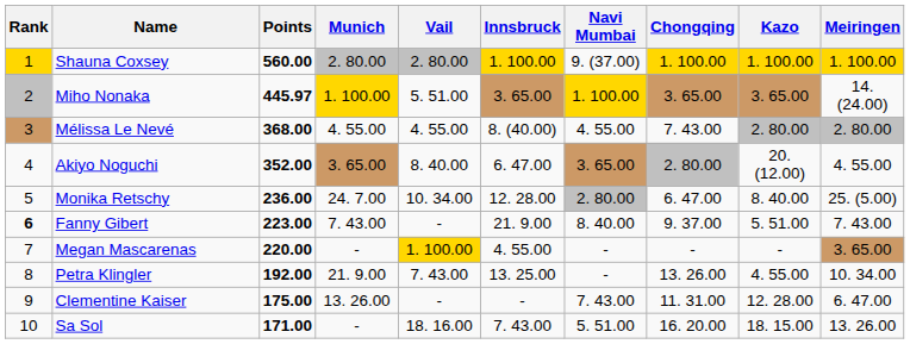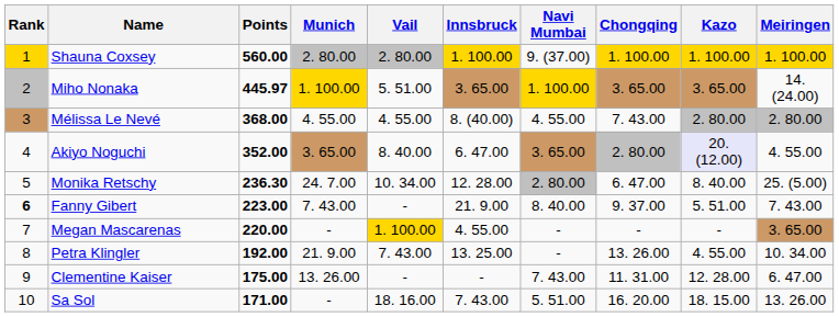 <table class="wikitable sortable">
 <tr>
 <th>Rank</th>
 <th width = "200">Name</th>
 <th>Points</th>
 <th width = "75" data-sort-type="number"><a href='#'>Munich</a></th>
 <th width = "75" data-sort-type="number"><a href='#'>Vail</a></th>
 <th width = "75" data-sort-type="number"><a href='#'>Innsbruck</a></th>
 <th width = "75" data-sort-type="number"><a href='#'>Navi Mumbai</a></th>
 <th width = "75" data-sort-type="number"><a href='#'>Chongqing</a></th>
 <th width = "75" data-sort-type="number"><a href='#'>Kazo</a></th>
 <th width = "75" data-sort-type="number"><a href='#'>Meiringen</a></th>
 </tr>
 <tr>
 <td align="center" style="background: gold">1</td>
 <td> <a href='#'>Shauna Coxsey</a></td>
 <td align="center"><strong>560.00	</strong></td>
 <td align="center" style="background: silver">2. 80.00</td>
 <td align="center" style="background: silver">2. 80.00</td>
 <td align="center" style="background: gold">1. 100.00</td>
 <td align="center">9. (37.00)</td>
 <td align="center" style="background: gold">1. 100.00</td>
 <td align="center" style="background: gold">1. 100.00</td>
 <td align="center" style="background: gold">1. 100.00</td>
 </tr>
 <tr>
 <td align="center" style="background: silver">2</td>
 <td> <a href='#'>Miho Nonaka</a></td>
 <td align="center"><strong>445.97	</strong></td>
 <td align="center" style="background: gold">1. 100.00</td>
 <td align="center">5. 51.00</td>
 <td align="center" style="background: #cc9966">3. 65.00</td>
 <td align="center" style="background: gold">1. 100.00</td>
 <td align="center" style="background: #cc9966">3. 65.00</td>
 <td align="center" style="background: #cc9966">3. 65.00</td>
 <td align="center">14. (24.00)</td>
 </tr>
 <tr>
 <td align="center" style="background: #cc9966">3</td>
 <td> <a href='#'>Mélissa Le Nevé</a></td>
 <td align="center"><strong>368.00		</strong></td>
 <td align="center">4. 55.00</td>
 <td align="center">4. 55.00</td>
 <td align="center">8. (40.00)</td>
 <td align="center">4. 55.00</td>
 <td align="center">7. 43.00</td>
 <td align="center" style="background: silver">2. 80.00</td>
 <td align="center" style="background: silver">2. 80.00</td>
 </tr>
 <tr>
 <td align="center">4</td>
 <td> <a href='#'>Akiyo Noguchi</a></td>
 <td align="center"><strong>352.00			</strong></td>
 <td align="center" style="background: #cc9966">3. 65.00</td>
 <td align="center">8. 40.00</td>
 <td align="center">6. 47.00</td>
 <td align="center" style="background: #cc9966">3. 65.00</td>
 <td align="center" style="background: silver">2. 80.00</td>
-<td align="center">20. (12.00)</td>
+<td align="center" style="background: lavender;">20. (12.00)</td>
 <td align="center">4. 55.00</td>
 </tr>
 <tr>
 <td align="center">5</td>
 <td> <a href='#'>Monika Retschy</a></td>
-<td align="center"><strong>236.00	</strong></td>
+<td align="center"><strong>236.30	</strong></td>
 <td align="center">24. 7.00</td>
 <td align="center">10. 34.00</td>
 <td align="center">12. 28.00</td>
 <td align="center" style="background: silver">2. 80.00</td>
 <td align="center">6. 47.00</td>
 <td align="center">8. 40.00</td>
 <td align="center">25. (5.00)</td>
 </tr>
 <tr>
 <td align="center"><strong>6</strong></td>
 <td> <a href='#'>Fanny Gibert</a></td>
 <td align="center"><strong>223.00	</strong></td>
 <td align="center">7. 43.00</td>
 <td align="center">-</td>
 <td align="center">21. 9.00</td>
 <td align="center">8. 40.00</td>
 <td align="center">9. 37.00</td>
 <td align="center">5. 51.00</td>
 <td align="center">7. 43.00</td>
 </tr>
 <tr>
 <td align="center">7</td>
 <td> <a href='#'>Megan Mascarenas</a></td>
 <td align="center"><strong>220.00	</strong></td>
 <td align="center">-</td>
 <td align="center" style="background: gold">1. 100.00</td>
 <td align="center">4. 55.00</td>
 <td align="center">-</td>
 <td align="center">-</td>
 <td align="center">-</td>
 <td align="center" style="background: #cc9966">3. 65.00</td>
 </tr>
 <tr>
 <td align="center">8</td>
 <td> <a href='#'>Petra Klingler</a></td>
 <td align="center"><strong>192.00	</strong></td>
 <td align="center">21. 9.00</td>
 <td align="center">7. 43.00</td>
 <td align="center">13. 25.00</td>
 <td align="center">-</td>
 <td align="center">13. 26.00</td>
 <td align="center">4. 55.00</td>
 <td align="center">10. 34.00</td>
 </tr>
 <tr>
 <td align="center">9</td>
 <td> <a href='#'>Clementine Kaiser</a></td>
 <td align="center"><strong>175.00	</strong></td>
 <td align="center">13. 26.00</td>
 <td align="center">-</td>
 <td align="center">-</td>
 <td align="center">7. 43.00</td>
 <td align="center">11. 31.00</td>
 <td align="center">12. 28.00</td>
 <td align="center">6. 47.00</td>
 </tr>
 <tr>
 <td align="center">10</td>
 <td> <a href='#'>Sa Sol</a></td>
 <td align="center"><strong>171.00		</strong></td>
 <td align="center">-</td>
 <td align="center">18. 16.00</td>
 <td align="center">7. 43.00</td>
 <td align="center">5. 51.00</td>
 <td align="center">16. 20.00</td>
 <td align="center">18. 15.00</td>
 <td align="center">13. 26.00</td>
 </tr>
 </table>
